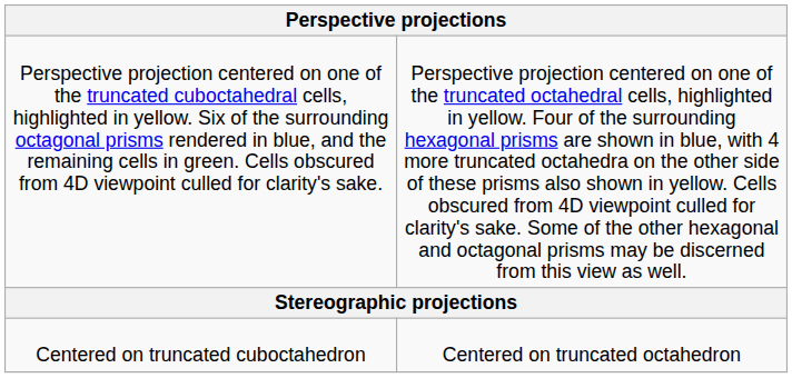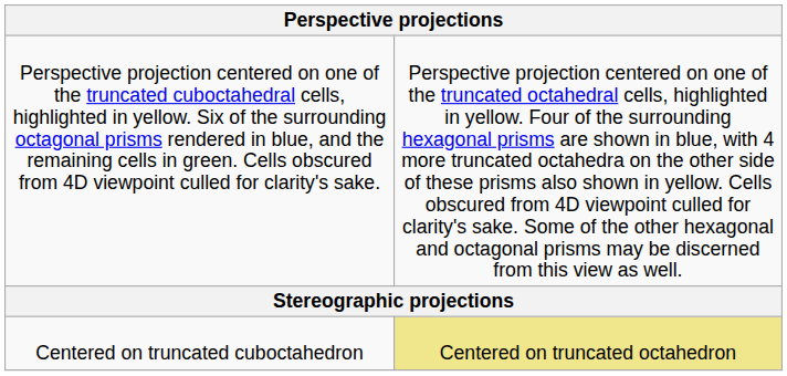 <table class="wikitable" width=640>
 <tr>
 <th colspan=2>Perspective projections</th>
 </tr>
 <tr>
 <td align=center valign=top><br>Perspective projection centered on one of the <a href='#'>truncated cuboctahedral</a> cells, highlighted in yellow. Six of the surrounding <a href='#'>octagonal prisms</a> rendered in blue, and the remaining cells in green. Cells obscured from 4D viewpoint culled for clarity's sake.</td>
 <td align=center valign=top><br>Perspective projection centered on one of the <a href='#'>truncated octahedral</a> cells, highlighted in yellow. Four of the surrounding <a href='#'>hexagonal prisms</a> are shown in blue, with 4 more truncated octahedra on the other side of these prisms also shown in yellow. Cells obscured from 4D viewpoint culled for clarity's sake. Some of the other hexagonal and octagonal prisms may be discerned from this view as well.</td>
 </tr>
 <tr>
 <th colspan=2>Stereographic projections</th>
 </tr>
 <tr>
 <td align=center width=320><br>Centered on truncated cuboctahedron</td>
-<td align=center width=320><br>Centered on truncated octahedron</td>
+<td align=center width=320 style="background: khaki;"><br>Centered on truncated octahedron</td>
 </tr>
 <tr>
 </tr>
 </table>
